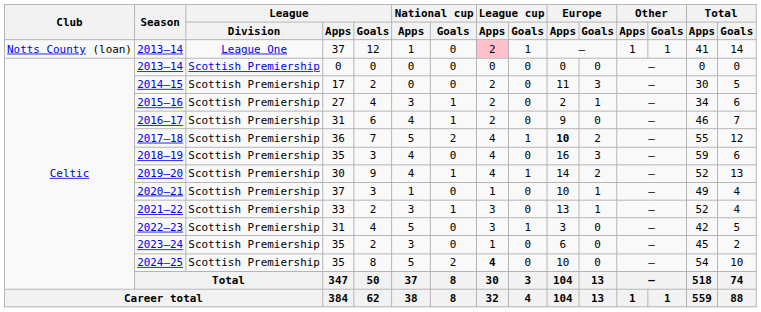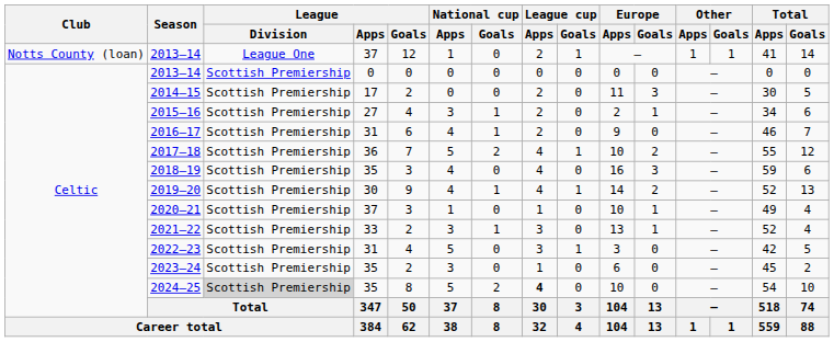 <table class="wikitable" style="text-align:center">
 <tr>
 <th rowspan="2">Club</th>
 <th rowspan="2">Season</th>
 <th colspan="3">League</th>
 <th colspan="2">National cup</th>
 <th colspan="2">League cup</th>
 <th colspan="2">Europe</th>
 <th colspan="2">Other</th>
 <th colspan="2">Total</th>
 </tr>
 <tr>
 <th>Division</th>
 <th>Apps</th>
 <th>Goals</th>
 <th>Apps</th>
 <th>Goals</th>
 <th>Apps</th>
 <th>Goals</th>
 <th>Apps</th>
 <th>Goals</th>
 <th>Apps</th>
 <th>Goals</th>
 <th>Apps</th>
 <th>Goals</th>
 </tr>
 <tr>
 <td><a href='#'>Notts County</a> (loan)</td>
 <td><a href='#'>2013–14</a></td>
 <td><a href='#'>League One</a></td>
 <td>37</td>
 <td>12</td>
 <td>1</td>
 <td>0</td>
-<td style="background: pink;">2</td>
+<td>2</td>
 <td>1</td>
 <td colspan="2">—</td>
 <td>1</td>
 <td>1</td>
 <td>41</td>
 <td>14</td>
 </tr>
 <tr>
 <td rowspan="13"><a href='#'>Celtic</a></td>
 <td><a href='#'>2013–14</a></td>
 <td><a href='#'>Scottish Premiership</a></td>
 <td>0</td>
 <td>0</td>
 <td>0</td>
 <td>0</td>
 <td>0</td>
 <td>0</td>
 <td>0</td>
 <td>0</td>
 <td colspan="2">—</td>
 <td>0</td>
 <td>0</td>
 </tr>
 <tr>
 <td><a href='#'>2014–15</a></td>
 <td>Scottish Premiership</td>
 <td>17</td>
 <td>2</td>
 <td>0</td>
 <td>0</td>
 <td>2</td>
 <td>0</td>
 <td>11</td>
 <td>3</td>
 <td colspan="2">—</td>
 <td>30</td>
 <td>5</td>
 </tr>
 <tr>
 <td><a href='#'>2015–16</a></td>
 <td>Scottish Premiership</td>
 <td>27</td>
 <td>4</td>
 <td>3</td>
 <td>1</td>
 <td>2</td>
 <td>0</td>
 <td>2</td>
 <td>1</td>
 <td colspan="2">—</td>
 <td>34</td>
 <td>6</td>
 </tr>
 <tr>
 <td><a href='#'>2016–17</a></td>
 <td>Scottish Premiership</td>
 <td>31</td>
 <td>6</td>
 <td>4</td>
 <td>1</td>
 <td>2</td>
 <td>0</td>
 <td>9</td>
 <td>0</td>
 <td colspan="2">—</td>
 <td>46</td>
 <td>7</td>
 </tr>
 <tr>
 <td><a href='#'>2017–18</a></td>
 <td>Scottish Premiership</td>
 <td>36</td>
 <td>7</td>
 <td>5</td>
 <td>2</td>
 <td>4</td>
 <td>1</td>
-<td><strong>10</strong></td>
+<td>10</td>
 <td>2</td>
 <td colspan="2">—</td>
 <td>55</td>
 <td>12</td>
 </tr>
 <tr>
 <td><a href='#'>2018–19</a></td>
 <td>Scottish Premiership</td>
 <td>35</td>
 <td>3</td>
 <td>4</td>
 <td>0</td>
 <td>4</td>
 <td>0</td>
 <td>16</td>
 <td>3</td>
 <td colspan="2">—</td>
 <td>59</td>
 <td>6</td>
 </tr>
 <tr>
 <td><a href='#'>2019–20</a></td>
 <td>Scottish Premiership</td>
 <td>30</td>
 <td>9</td>
 <td>4</td>
 <td>1</td>
 <td>4</td>
 <td>1</td>
 <td>14</td>
 <td>2</td>
 <td colspan="2">—</td>
 <td>52</td>
 <td>13</td>
 </tr>
 <tr>
 <td><a href='#'>2020–21</a></td>
 <td>Scottish Premiership</td>
 <td>37</td>
 <td>3</td>
 <td>1</td>
 <td>0</td>
 <td>1</td>
 <td>0</td>
 <td>10</td>
 <td>1</td>
 <td colspan="2">—</td>
 <td>49</td>
 <td>4</td>
 </tr>
 <tr>
 <td><a href='#'>2021–22</a></td>
 <td>Scottish Premiership</td>
 <td>33</td>
 <td>2</td>
 <td>3</td>
 <td>1</td>
 <td>3</td>
 <td>0</td>
 <td>13</td>
 <td>1</td>
 <td colspan="2">—</td>
 <td>52</td>
 <td>4</td>
 </tr>
 <tr>
 <td><a href='#'>2022–23</a></td>
 <td>Scottish Premiership</td>
 <td>31</td>
 <td>4</td>
 <td>5</td>
 <td>0</td>
 <td>3</td>
 <td>1</td>
 <td>3</td>
 <td>0</td>
 <td colspan="2">—</td>
 <td>42</td>
 <td>5</td>
 </tr>
 <tr>
 <td><a href='#'>2023–24</a></td>
 <td>Scottish Premiership</td>
 <td>35</td>
 <td>2</td>
 <td>3</td>
 <td>0</td>
 <td>1</td>
 <td>0</td>
 <td>6</td>
 <td>0</td>
 <td colspan="2">—</td>
 <td>45</td>
 <td>2</td>
 </tr>
 <tr>
 <td><a href='#'>2024–25</a></td>
-<td>Scottish Premiership</td>
+<td style="background: lightgrey;">Scottish Premiership</td>
 <td>35</td>
 <td>8</td>
 <td>5</td>
 <td>2</td>
 <td><strong>4</strong></td>
 <td>0</td>
 <td>10</td>
 <td>0</td>
 <td colspan="2">—</td>
 <td>54</td>
 <td>10</td>
 </tr>
 <tr>
 <th colspan="2">Total</th>
 <th>347</th>
 <th>50</th>
 <th>37</th>
 <th>8</th>
 <th>30</th>
 <th>3</th>
 <th>104</th>
 <th>13</th>
 <th colspan="2">—</th>
 <th>518</th>
 <th>74</th>
 </tr>
 <tr>
 <th colspan="3">Career total</th>
 <th>384</th>
 <th>62</th>
 <th>38</th>
 <th>8</th>
 <th>32</th>
 <th>4</th>
 <th>104</th>
 <th>13</th>
 <th>1</th>
 <th>1</th>
 <th>559</th>
 <th>88</th>
 </tr>
 </table>
